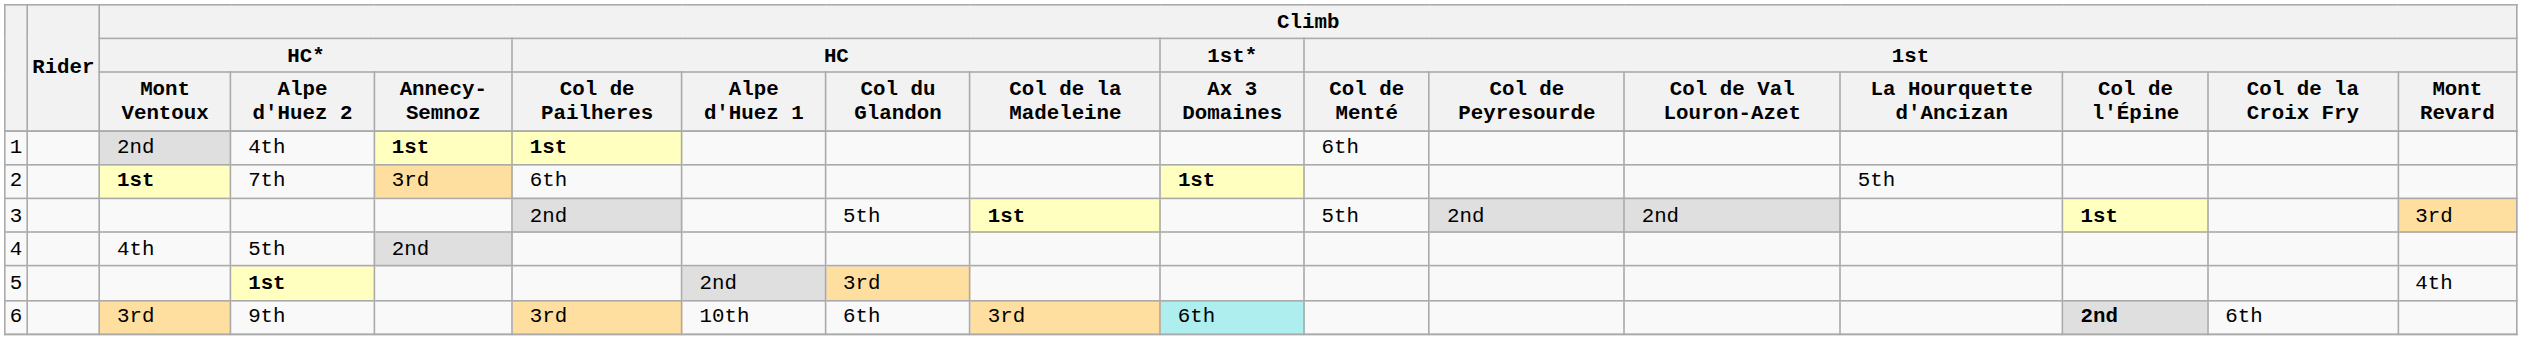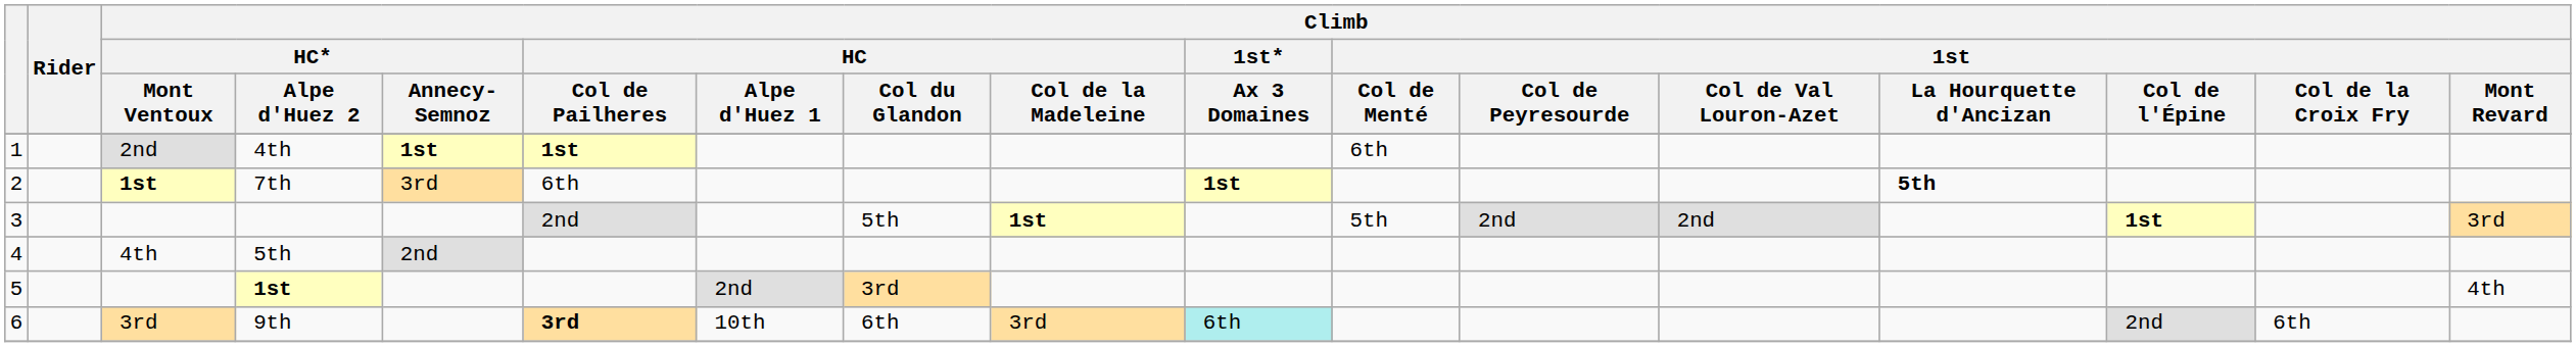 <table class="wikitable">
 <tr>
 <th rowspan="3"></th>
 <th rowspan="3">Rider</th>
 <th colspan="15">Climb</th>
 </tr>
 <tr>
 <th colspan="3">HC*</th>
 <th colspan="4">HC</th>
 <th colspan="1">1st*</th>
 <th colspan="7">1st</th>
 </tr>
 <tr>
 <th><span>Mont Ventoux</span></th>
 <th><span>Alpe d'Huez 2</span></th>
 <th><span>Annecy-Semnoz</span></th>
 <th><span>Col de Pailheres</span></th>
 <th><span>Alpe d'Huez 1</span></th>
 <th><span>Col du Glandon</span></th>
 <th><span>Col de la Madeleine</span></th>
 <th><span>Ax 3 Domaines</span></th>
 <th><span>Col de Menté</span></th>
 <th><span>Col de Peyresourde</span></th>
 <th><span>Col de Val Louron-Azet</span></th>
 <th><span>La Hourquette d'Ancizan</span></th>
 <th><span>Col de l'Épine</span></th>
 <th><span>Col de la Croix Fry</span></th>
 <th><span>Mont Revard</span></th>
 </tr>
 <tr>
 </tr>
 <tr>
 <td>1</td>
 <td> </td>
 <td bgcolor="#dfdfdf"> 2nd </td>
 <td> 4th </td>
 <td bgcolor="#ffffbf"> <strong>1st</strong> </td>
 <td bgcolor="#ffffbf"> <strong>1st</strong> </td>
 <td></td>
 <td></td>
 <td></td>
 <td></td>
 <td> 6th </td>
 <td></td>
 <td></td>
 <td></td>
 <td></td>
 <td></td>
 <td></td>
 </tr>
 <tr>
 <td>2</td>
 <td> </td>
 <td bgcolor="#ffffbf"> <strong>1st</strong> </td>
 <td> 7th </td>
 <td bgcolor="#ffdf9f"> 3rd </td>
 <td> 6th </td>
 <td></td>
 <td></td>
 <td></td>
 <td bgcolor="#ffffbf"> <strong>1st</strong> </td>
 <td></td>
 <td></td>
 <td></td>
-<td> 5th </td>
+<td><strong> 5th </strong></td>
 <td></td>
 <td></td>
 <td></td>
 </tr>
 <tr>
 <td>3</td>
 <td></td>
 <td></td>
 <td></td>
 <td></td>
 <td bgcolor="#dfdfdf"> 2nd </td>
 <td></td>
 <td> 5th </td>
 <td bgcolor="#ffffbf"> <strong>1st</strong> </td>
 <td></td>
 <td> 5th </td>
 <td bgcolor="#dfdfdf"> 2nd </td>
 <td bgcolor="#dfdfdf"> 2nd </td>
 <td></td>
 <td bgcolor="#ffffbf"> <strong>1st</strong> </td>
 <td></td>
 <td bgcolor="#ffdf9f"> 3rd </td>
 </tr>
 <tr>
 <td>4</td>
 <td></td>
 <td> 4th </td>
 <td> 5th </td>
 <td bgcolor="#dfdfdf"> 2nd </td>
 <td></td>
 <td></td>
 <td></td>
 <td></td>
 <td></td>
 <td></td>
 <td></td>
 <td></td>
 <td></td>
 <td></td>
 <td></td>
 <td></td>
 </tr>
 <tr>
 <td>5</td>
 <td> </td>
 <td></td>
 <td bgcolor="#ffffbf"> <strong>1st</strong> </td>
 <td></td>
 <td></td>
 <td bgcolor="#dfdfdf"> 2nd </td>
 <td bgcolor="#ffdf9f"> 3rd </td>
 <td></td>
 <td></td>
 <td></td>
 <td></td>
 <td></td>
 <td></td>
 <td></td>
 <td></td>
 <td> 4th </td>
 </tr>
 <tr>
 <td>6</td>
 <td></td>
 <td bgcolor="#ffdf9f"> 3rd </td>
 <td> 9th </td>
 <td></td>
-<td bgcolor="#ffdf9f"> 3rd </td>
+<td bgcolor="#ffdf9f"><strong> 3rd </strong></td>
 <td> 10th </td>
 <td> 6th </td>
 <td bgcolor="#ffdf9f"> 3rd </td>
 <td style="background: paleturquoise;"> 6th </td>
 <td></td>
 <td></td>
 <td></td>
 <td></td>
-<td bgcolor="#dfdfdf"><strong> 2nd </strong></td>
+<td bgcolor="#dfdfdf"> 2nd </td>
 <td> 6th </td>
 <td></td>
 </tr>
 <tr>
 </tr>
 </table>
